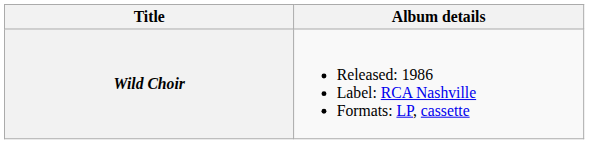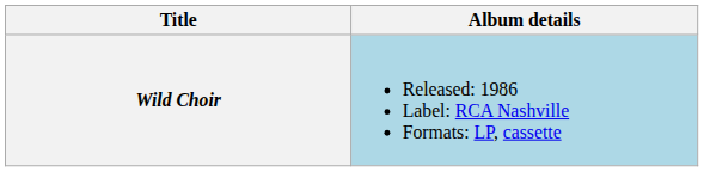 <table class="wikitable plainrowheaders" style="text-align:center;">
 <tr>
 <th scope="col" style="width:18em;">Title</th>
 <th scope="col" style="width:18em;">Album details</th>
 </tr>
 <tr>
 <th scope="row"><em>Wild Choir</em></th>
-<td align="left"><br><ul><li>Released: 1986</li><li>Label: <a href='#'>RCA Nashville</a></li><li>Formats: <a href='#'>LP</a>, <a href='#'>cassette</a></li></ul></td>
+<td align="left" style="background: lightblue;"><br><ul><li>Released: 1986</li><li>Label: <a href='#'>RCA Nashville</a></li><li>Formats: <a href='#'>LP</a>, <a href='#'>cassette</a></li></ul></td>
 </tr>
 </table>
